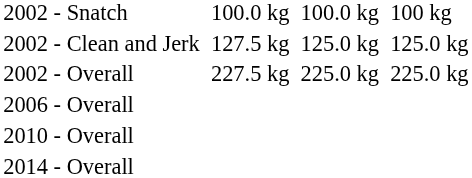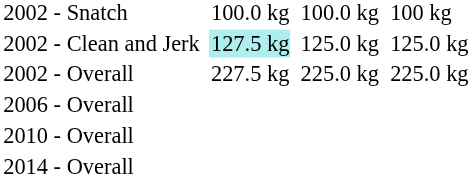 <table>
 <tr>
 <td>2002 - Snatch</td>
 <td></td>
 <td>100.0 kg</td>
 <td></td>
 <td>100.0 kg</td>
 <td></td>
 <td>100 kg</td>
 </tr>
 <tr>
 <td>2002 - Clean and Jerk</td>
 <td></td>
-<td>127.5 kg</td>
+<td style="background: paleturquoise;">127.5 kg</td>
 <td></td>
 <td>125.0 kg</td>
 <td></td>
 <td>125.0 kg</td>
 </tr>
 <tr>
 <td>2002 - Overall</td>
 <td></td>
 <td>227.5 kg</td>
 <td></td>
 <td>225.0 kg</td>
 <td></td>
 <td>225.0 kg</td>
 </tr>
 <tr>
 <td>2006 - Overall<br></td>
 <td></td>
 <td></td>
 <td></td>
 <td></td>
 <td></td>
 <td></td>
 </tr>
 <tr>
 <td>2010 - Overall<br></td>
 <td></td>
 <td></td>
 <td></td>
 <td></td>
 <td></td>
 <td></td>
 </tr>
 <tr>
 <td>2014 - Overall<br></td>
 <td></td>
 <td></td>
 <td></td>
 <td></td>
 <td></td>
 <td></td>
 </tr>
 </table>
